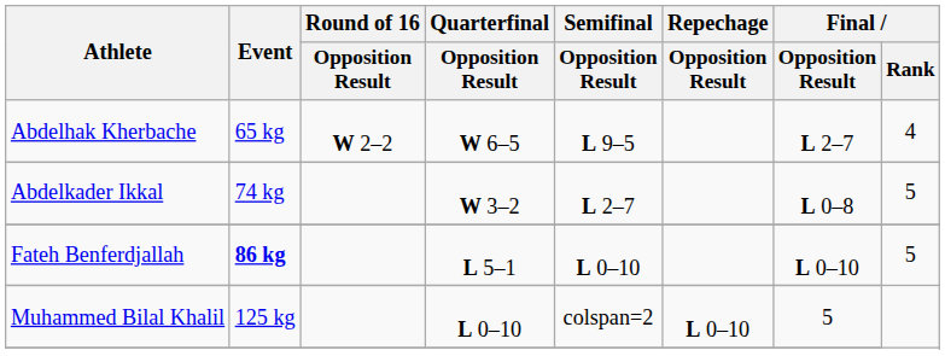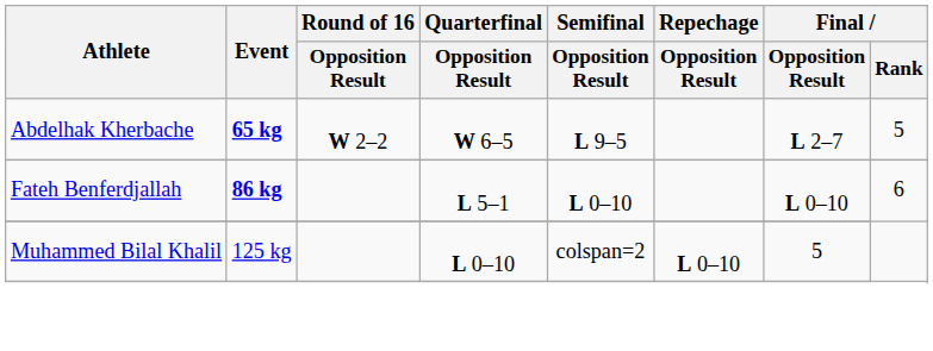 <table class="wikitable" style="font-size:90%">
 <tr>
 <th rowspan="2">Athlete</th>
 <th rowspan="2">Event</th>
 <th>Round of 16</th>
 <th>Quarterfinal</th>
 <th>Semifinal</th>
 <th>Repechage</th>
 <th colspan=2>Final / </th>
 </tr>
 <tr style="font-size: 95%">
 <th>Opposition<br>Result</th>
 <th>Opposition<br>Result</th>
 <th>Opposition<br>Result</th>
 <th>Opposition<br>Result</th>
 <th>Opposition<br>Result</th>
 <th>Rank</th>
 </tr>
 <tr align=center>
 <td align=left><a href='#'>Abdelhak Kherbache</a></td>
-<td align=left><a href='#'>65 kg</a></td>
+<td align=left><strong><a href='#'>65 kg</a></strong></td>
 <td><br><strong>W</strong> 2–2</td>
 <td><br><strong>W</strong> 6–5</td>
 <td><br><strong>L</strong> 9–5</td>
 <td></td>
 <td><br><strong>L</strong> 2–7</td>
-<td>4</td>
+<td>5</td>
 </tr>
 <tr>
-</tr>
-<tr align=center>
-<td align=left><a href='#'>Abdelkader Ikkal</a></td>
-<td align=left><a href='#'>74 kg</a></td>
-<td></td>
-<td><br><strong>W</strong> 3–2</td>
-<td><br><strong>L</strong> 2–7</td>
-<td></td>
-<td><br><strong>L</strong> 0–8</td>
-<td>5</td>
 </tr>
 <tr>
 </tr>
 <tr align=center>
 <td align=left><a href='#'>Fateh Benferdjallah</a></td>
 <td align=left><strong><a href='#'>86 kg</a></strong></td>
 <td></td>
 <td><br><strong>L</strong> 5–1</td>
 <td><br><strong>L</strong> 0–10</td>
 <td></td>
 <td><br><strong>L</strong> 0–10</td>
-<td>5</td>
+<td>6</td>
 </tr>
 <tr>
 </tr>
 <tr align=center>
 <td align=left><a href='#'>Muhammed Bilal Khalil</a></td>
 <td align=left><a href='#'>125 kg</a></td>
 <td></td>
 <td><br><strong>L</strong> 0–10</td>
 <td>colspan=2 </td>
 <td><br><strong>L</strong> 0–10</td>
 <td>5</td>
 </tr>
 <tr>
 </tr>
 </table>
